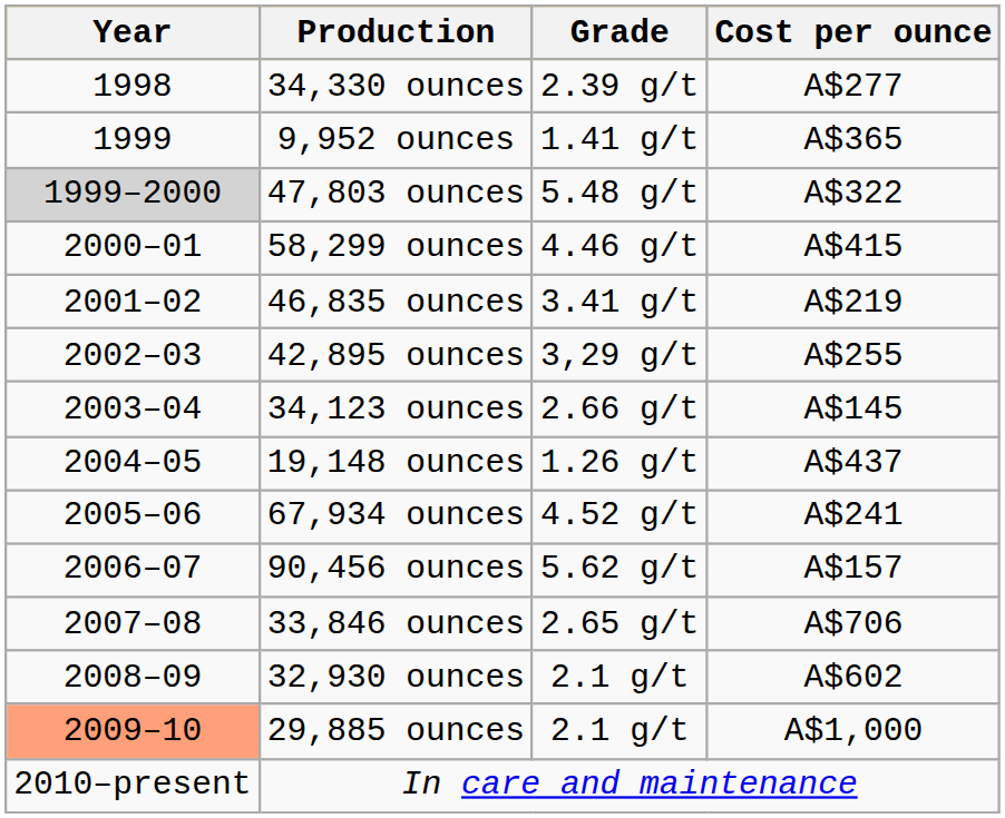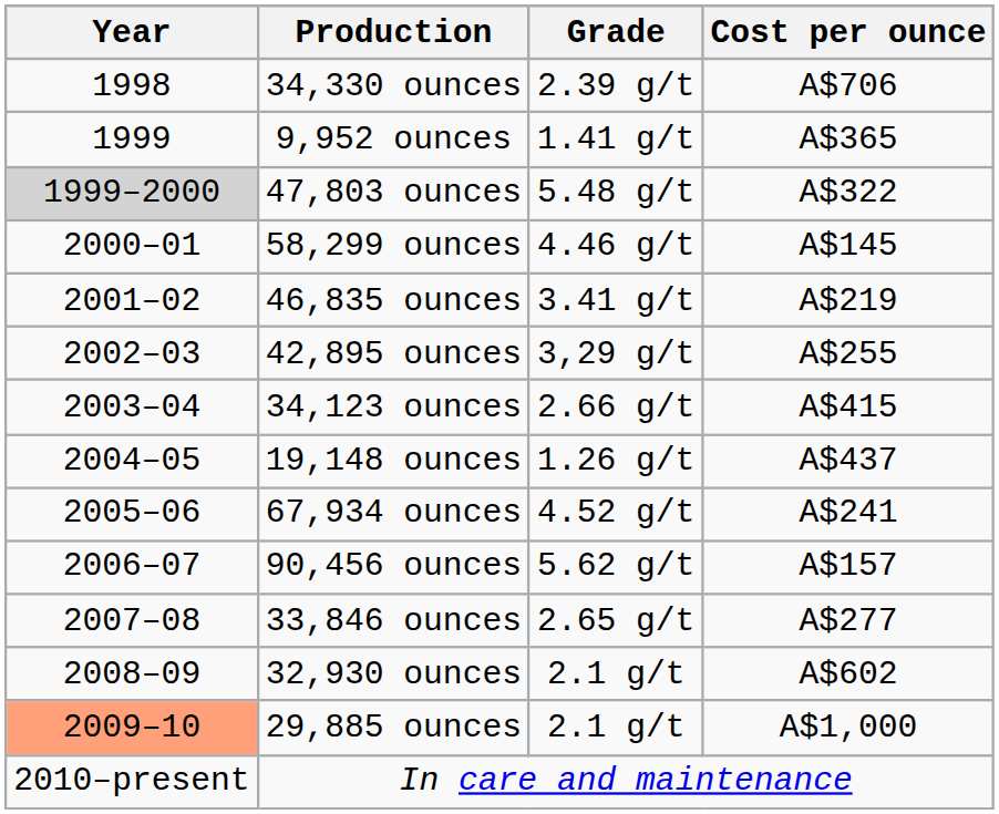 <table class="wikitable">
 <tr style="text-align:center; background:#daa520;">
 <th>Year</th>
 <th>Production</th>
 <th>Grade</th>
 <th>Cost per ounce</th>
 </tr>
 <tr style="text-align:center;">
 <td>1998</td>
 <td>34,330 ounces</td>
 <td>2.39 g/t</td>
-<td>A$277</td>
+<td>A$706</td>
 </tr>
 <tr style="text-align:center;">
 <td>1999</td>
 <td>9,952 ounces</td>
 <td>1.41 g/t</td>
 <td>A$365</td>
 </tr>
 <tr style="text-align:center;">
 <td style="background: lightgrey;">1999–2000</td>
 <td>47,803 ounces</td>
 <td>5.48 g/t</td>
 <td>A$322</td>
 </tr>
 <tr style="text-align:center;">
 <td>2000–01</td>
 <td>58,299 ounces</td>
 <td>4.46 g/t</td>
-<td>A$415</td>
+<td>A$145</td>
 </tr>
 <tr style="text-align:center;">
 <td>2001–02</td>
 <td>46,835 ounces</td>
 <td>3.41 g/t</td>
 <td>A$219</td>
 </tr>
 <tr style="text-align:center;">
 <td>2002–03</td>
 <td>42,895 ounces</td>
 <td>3,29 g/t</td>
 <td>A$255</td>
 </tr>
 <tr style="text-align:center;">
 <td>2003–04</td>
 <td>34,123 ounces</td>
 <td>2.66 g/t</td>
-<td>A$145</td>
+<td>A$415</td>
 </tr>
 <tr style="text-align:center;">
 <td>2004–05</td>
 <td>19,148 ounces</td>
 <td>1.26 g/t</td>
 <td>A$437</td>
 </tr>
 <tr style="text-align:center;">
 <td>2005–06</td>
 <td>67,934 ounces</td>
 <td>4.52 g/t</td>
 <td>A$241</td>
 </tr>
 <tr style="text-align:center;">
 <td>2006–07</td>
 <td>90,456 ounces</td>
 <td>5.62 g/t</td>
 <td>A$157</td>
 </tr>
 <tr style="text-align:center;">
 <td>2007–08</td>
 <td>33,846 ounces</td>
 <td>2.65 g/t</td>
-<td>A$706</td>
+<td>A$277</td>
 </tr>
 <tr style="text-align:center;">
 <td>2008–09</td>
 <td>32,930 ounces</td>
 <td>2.1 g/t</td>
 <td>A$602</td>
 </tr>
 <tr style="text-align:center;">
 <td style="background: lightsalmon;">2009–10</td>
 <td>29,885 ounces</td>
 <td>2.1 g/t</td>
 <td>A$1,000</td>
 </tr>
 <tr style="text-align:center;">
 <td>2010–present</td>
 <td colspan=3><em>In <a href='#'>care and maintenance</a></em></td>
 </tr>
 </table>
